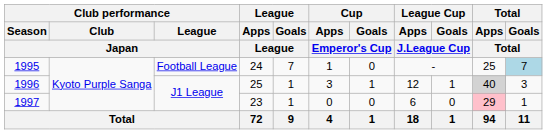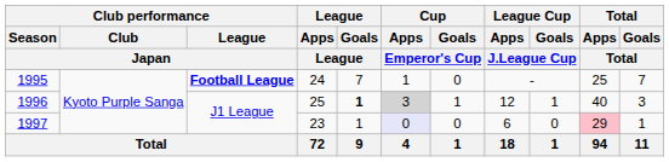 <table class="wikitable" style="text-align:center;">
 <tr>
 <th colspan=3>Club performance</th>
 <th colspan=2>League</th>
 <th colspan=2>Cup</th>
 <th colspan=2>League Cup</th>
 <th colspan=2>Total</th>
 </tr>
 <tr>
 <th>Season</th>
 <th>Club</th>
 <th>League</th>
 <th>Apps</th>
 <th>Goals</th>
 <th>Apps</th>
 <th>Goals</th>
 <th>Apps</th>
 <th>Goals</th>
 <th>Apps</th>
 <th>Goals</th>
 </tr>
 <tr>
 <th colspan=3>Japan</th>
 <th colspan=2>League</th>
 <th colspan=2><a href='#'>Emperor's Cup</a></th>
 <th colspan=2><a href='#'>J.League Cup</a></th>
 <th colspan=2>Total</th>
 </tr>
 <tr>
 <td><a href='#'>1995</a></td>
 <td rowspan="3"><a href='#'>Kyoto Purple Sanga</a></td>
-<td><a href='#'>Football League</a></td>
+<td><strong><a href='#'>Football League</a></strong></td>
 <td>24</td>
 <td>7</td>
 <td>1</td>
 <td>0</td>
 <td colspan="2">-</td>
 <td>25</td>
-<td style="background: lightblue;">7</td>
+<td>7</td>
 </tr>
 <tr>
 <td><a href='#'>1996</a></td>
 <td rowspan="2"><a href='#'>J1 League</a></td>
 <td>25</td>
-<td>1</td>
-<td>3</td>
+<td><strong>1</strong></td>
+<td style="background: lightgrey;">3</td>
 <td>1</td>
 <td>12</td>
 <td>1</td>
-<td style="background: lightgrey;">40</td>
+<td>40</td>
 <td>3</td>
 </tr>
 <tr>
 <td><a href='#'>1997</a></td>
 <td>23</td>
 <td>1</td>
-<td>0</td>
+<td style="background: lavender;">0</td>
 <td>0</td>
 <td>6</td>
 <td>0</td>
 <td style="background: pink;">29</td>
 <td>1</td>
 </tr>
 <tr>
 <th colspan=3>Total</th>
 <th>72</th>
 <th>9</th>
 <th>4</th>
 <th>1</th>
 <th>18</th>
 <th>1</th>
 <th>94</th>
 <th>11</th>
 </tr>
 </table>
